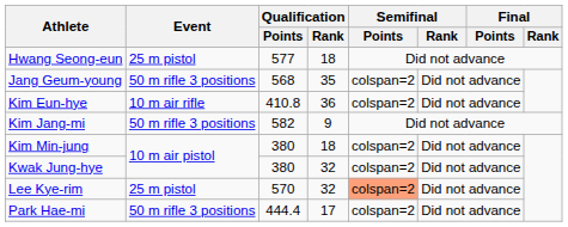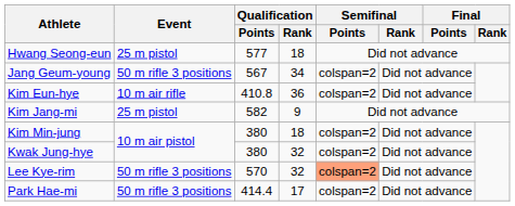 <table class="wikitable" style="font-size:90%">
 <tr>
 <th rowspan="2">Athlete</th>
 <th rowspan="2">Event</th>
 <th colspan=2>Qualification</th>
 <th colspan=2>Semifinal</th>
 <th colspan=2>Final</th>
 </tr>
 <tr style="font-size:95%">
 <th>Points</th>
 <th>Rank</th>
 <th>Points</th>
 <th>Rank</th>
 <th>Points</th>
 <th>Rank</th>
 </tr>
 <tr align=center>
 <td align=left><a href='#'>Hwang Seong-eun</a></td>
 <td align=left><a href='#'>25 m pistol</a></td>
 <td>577</td>
 <td>18</td>
 <td colspan=4>Did not advance</td>
 </tr>
 <tr align=center>
 <td align=left><a href='#'>Jang Geum-young</a></td>
 <td align=left><a href='#'>50 m rifle 3 positions</a></td>
-<td>568</td>
-<td>35</td>
+<td>567</td>
+<td>34</td>
 <td>colspan=2 </td>
 <td colspan=2>Did not advance</td>
 </tr>
 <tr align=center>
 <td align=left><a href='#'>Kim Eun-hye</a></td>
 <td align=left><a href='#'>10 m air rifle</a></td>
 <td>410.8</td>
 <td>36</td>
 <td>colspan=2 </td>
 <td colspan=2>Did not advance</td>
 </tr>
 <tr align=center>
 <td align=left><a href='#'>Kim Jang-mi</a></td>
-<td align=left><a href='#'>50 m rifle 3 positions</a></td>
+<td align=left><a href='#'>25 m pistol</a></td>
 <td>582</td>
 <td>9</td>
 <td colspan=4>Did not advance</td>
 </tr>
 <tr align="center">
 <td align=left><a href='#'>Kim Min-jung</a></td>
 <td align=left rowspan=2><a href='#'>10 m air pistol</a></td>
 <td>380</td>
 <td>18</td>
 <td>colspan=2 </td>
 <td colspan=2>Did not advance</td>
 </tr>
 <tr align="center">
 <td align=left><a href='#'>Kwak Jung-hye</a></td>
 <td>380</td>
 <td>32</td>
 <td>colspan=2 </td>
 <td colspan=2>Did not advance</td>
 </tr>
 <tr align=center>
 <td align=left><a href='#'>Lee Kye-rim</a></td>
-<td align=left><a href='#'>25 m pistol</a></td>
+<td align=left><a href='#'>50 m rifle 3 positions</a></td>
 <td>570</td>
 <td>32</td>
 <td style="background: lightsalmon;">colspan=2 </td>
 <td colspan=2>Did not advance</td>
 </tr>
 <tr align=center>
 <td align=left><a href='#'>Park Hae-mi</a></td>
 <td align=left><a href='#'>50 m rifle 3 positions</a></td>
-<td>444.4</td>
+<td>414.4</td>
 <td>17</td>
 <td>colspan=2 </td>
 <td colspan=2>Did not advance</td>
 </tr>
 </table>
